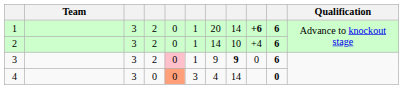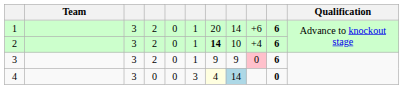 <table class="wikitable" style="text-align: center;">
 <tr>
 <th width="25"></th>
 <th width="150">Team</th>
 <th width="25"></th>
 <th width="25"></th>
 <th width="25"></th>
 <th width="25"></th>
 <th width="25"></th>
 <th width="25"></th>
 <th width="25"></th>
 <th width="25"></th>
 <th width="170">Qualification</th>
 </tr>
 <tr align=center style="background:#ccffcc;">
 <td>1</td>
 <td style="text-align:left;"></td>
 <td>3</td>
 <td>2</td>
 <td>0</td>
 <td>1</td>
 <td>20</td>
 <td>14</td>
-<td><strong>+6</strong></td>
+<td>+6</td>
 <td><strong>6</strong></td>
 <td rowspan="2">Advance to <a href='#'>knockout stage</a></td>
 </tr>
 <tr align=center style="background:#ccffcc;">
 <td>2</td>
 <td style="text-align:left;"></td>
 <td>3</td>
 <td>2</td>
 <td>0</td>
 <td>1</td>
-<td>14</td>
+<td><strong>14</strong></td>
 <td>10</td>
 <td>+4</td>
 <td><strong>6</strong></td>
 </tr>
 <tr align=center>
 <td>3</td>
 <td style="text-align:left;"></td>
 <td>3</td>
 <td>2</td>
-<td style="background: pink;">0</td>
+<td>0</td>
 <td>1</td>
 <td>9</td>
-<td><strong>9</strong></td>
-<td>0</td>
+<td>9</td>
+<td style="background: pink;">0</td>
 <td><strong>6</strong></td>
 <td rowspan="2"></td>
 </tr>
 <tr align=center>
 <td>4</td>
 <td style="text-align:left;"></td>
 <td>3</td>
 <td>0</td>
-<td style="background: lightsalmon;">0</td>
+<td>0</td>
 <td>3</td>
-<td>4</td>
-<td>14</td>
+<td style="background: lightyellow;">4</td>
+<td style="background: lightblue;">14</td>
 <td></td>
 <td><strong>0</strong></td>
 </tr>
 </table>
